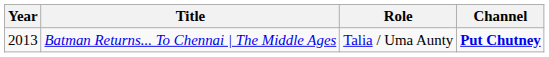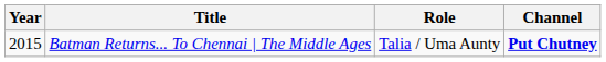 <table class="wikitable">
 <tr>
 <th>Year</th>
 <th>Title</th>
 <th>Role</th>
 <th>Channel</th>
 </tr>
 <tr>
-<td>2013</td>
+<td>2015</td>
 <td><a href='#'> <em>Batman Returns... To Chennai | The Middle Ages</em></a></td>
 <td><a href='#'>Talia</a> / Uma Aunty</td>
 <td><strong><a href='#'>Put Chutney</a></strong></td>
 </tr>
 </table>
